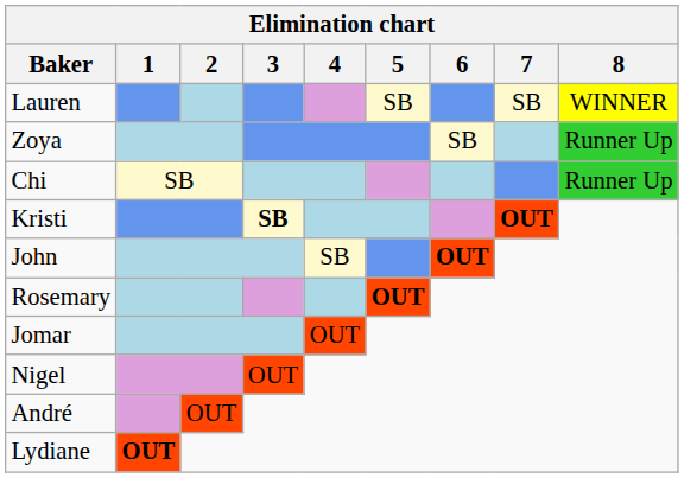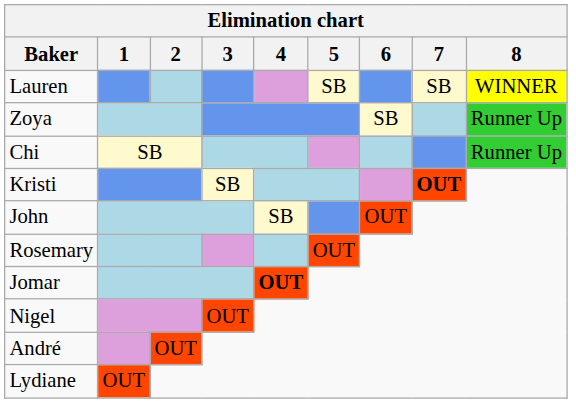 <table class="wikitable" style="text-align:center">
 <tr>
 <th ! colspan="16">Elimination chart</th>
 </tr>
 <tr 7373>
 <th>Baker</th>
 <th>1</th>
 <th>2</th>
 <th>3</th>
 <th>4</th>
 <th>5</th>
 <th>6</th>
 <th>7</th>
 <th>8</th>
 </tr>
 <tr>
 <td align="left">Lauren</td>
 <td style="background:Cornflowerblue;"></td>
 <td style="background:Lightblue;"></td>
 <td style="background:Cornflowerblue;"></td>
 <td style="background:Plum;"></td>
 <td style="background:LemonChiffon;">SB</td>
 <td style="background:Cornflowerblue;"></td>
 <td style="background:LemonChiffon;">SB</td>
 <td style="background:Yellow;">WINNER</td>
 </tr>
 <tr>
 <td align="left">Zoya</td>
 <td colspan="2" style="background:Lightblue;"></td>
 <td colspan="3" style="background:Cornflowerblue;"></td>
 <td style="background:LemonChiffon;">SB</td>
 <td style="background:Lightblue;"></td>
 <td style="background:LimeGreen;">Runner Up</td>
 </tr>
 <tr>
 <td align="left">Chi</td>
 <td colspan="2" style="background:LemonChiffon;">SB</td>
 <td colspan="2" style="background:Lightblue;"></td>
 <td style="background:Plum;"></td>
 <td style="background:Lightblue;"></td>
 <td style="background:Cornflowerblue;"></td>
 <td style="background:LimeGreen;">Runner Up</td>
 </tr>
 <tr>
 <td align="left">Kristi</td>
 <td colspan="2" style="background:Cornflowerblue;"></td>
-<td style="background:LemonChiffon;"><strong>SB</strong></td>
+<td style="background:LemonChiffon;">SB</td>
 <td colspan="2" style="background:Lightblue;"></td>
 <td style="background:Plum;"></td>
 <td style="background:orangered;"><strong>OUT</strong></td>
 </tr>
 <tr>
 <td align="left">John</td>
 <td colspan="3" style="background:Lightblue;"></td>
 <td style="background:LemonChiffon;">SB</td>
 <td style="background:Cornflowerblue;"></td>
-<td style="background:orangered;"><strong>OUT</strong></td>
+<td style="background:orangered;">OUT</td>
 </tr>
 <tr>
 <td align="left">Rosemary</td>
 <td colspan="2" style="background:Lightblue;"></td>
 <td style="background:Plum;"></td>
 <td style="background:Lightblue;"></td>
-<td style="background:orangered;"><strong>OUT</strong></td>
+<td style="background:orangered;">OUT</td>
 </tr>
 <tr>
 <td align="left">Jomar</td>
 <td colspan="3" style="background:Lightblue;"></td>
-<td style="background:orangered;">OUT</td>
+<td style="background:orangered;"><strong>OUT</strong></td>
 </tr>
 <tr>
 <td align="left">Nigel</td>
 <td colspan="2" style="background:Plum;"></td>
 <td style="background:orangered;">OUT</td>
 </tr>
 <tr>
 <td align="left">André</td>
 <td style="background:Plum;"></td>
 <td style="background:orangered;">OUT</td>
 </tr>
 <tr>
 <td align="left">Lydiane</td>
-<td style="background:orangered;"><strong>OUT</strong></td>
+<td style="background:orangered;">OUT</td>
 </tr>
 </table>
